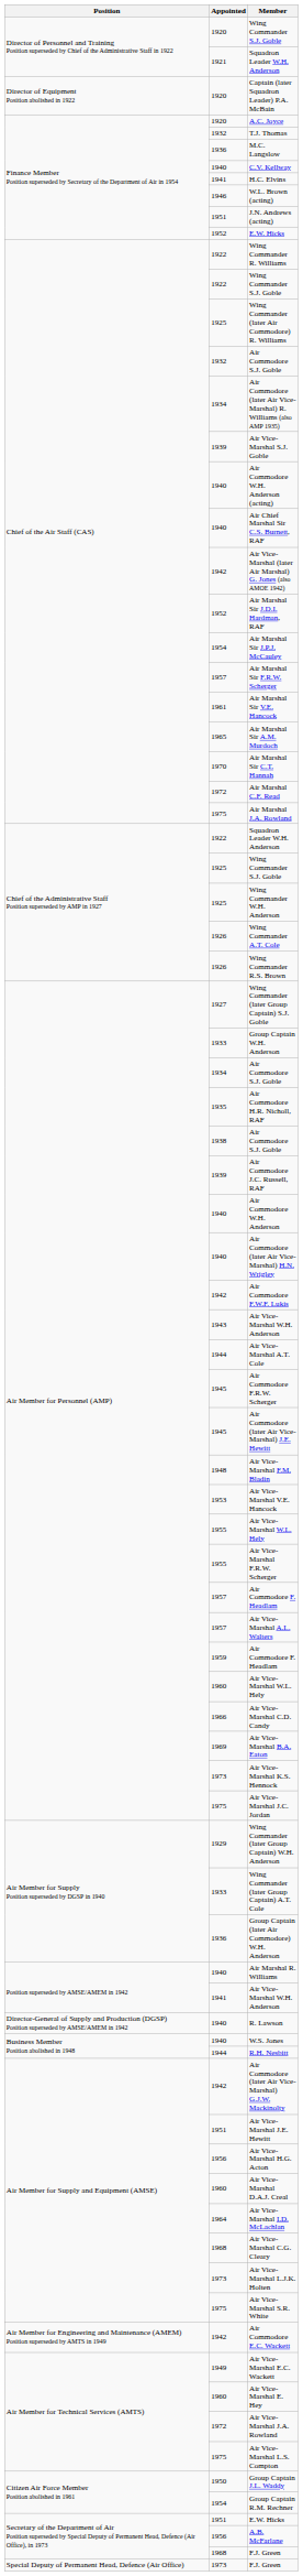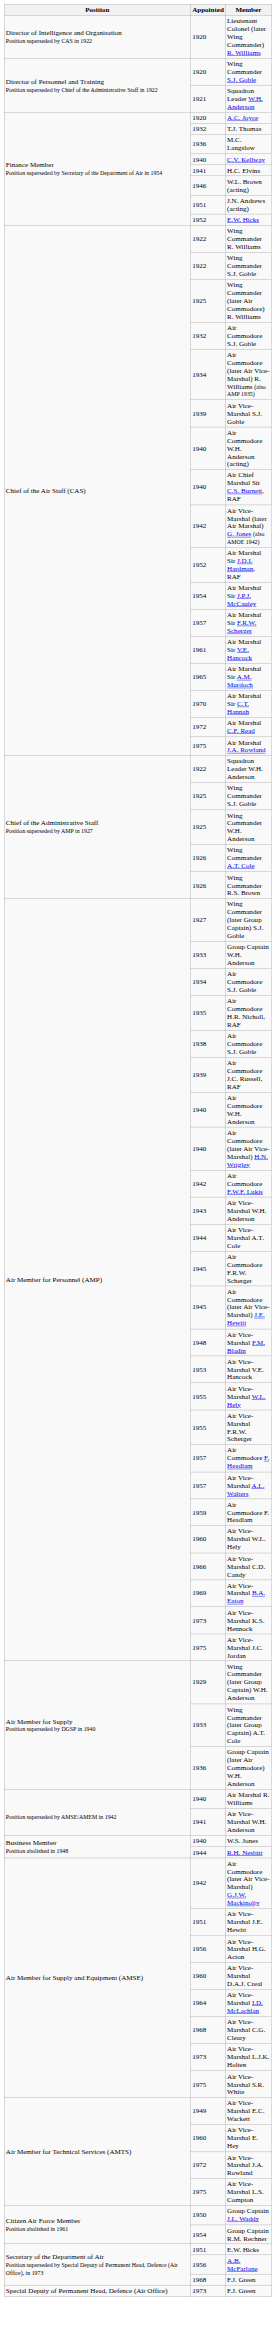 <table class="wikitable">
 <tr>
 <th style="width:26em;">Position</th>
 <th>Appointed</th>
 <th>Member</th>
+</tr>
+<tr>
+<td rowspan="1">Director of Intelligence and Organisation<br><small>Position superseded by CAS in 1922</small></td>
+<td>1920</td>
+<td>Lieutenant Colonel (later Wing Commander) <a href='#'>R. Williams</a></td>
 </tr>
 <tr>
 <td rowspan="2">Director of Personnel and Training<br><small>Position superseded by Chief of the Administrative Staff in 1922</small></td>
 <td>1920</td>
 <td>Wing Commander <a href='#'>S.J. Goble</a></td>
 </tr>
 <tr>
 <td>1921</td>
 <td>Squadron Leader <a href='#'>W.H. Anderson</a></td>
-</tr>
-<tr>
-<td rowspan="1">Director of Equipment<br><small>Position abolished in 1922</small></td>
-<td>1920</td>
-<td>Captain (later Squadron Leader) P.A. McBain</td>
 </tr>
 <tr>
 <td rowspan="8">Finance Member<br><small>Position superseded by Secretary of the Department of Air in 1954</small></td>
 <td>1920</td>
 <td><a href='#'>A.C. Joyce</a></td>
 </tr>
 <tr>
 <td>1932</td>
 <td>T.J. Thomas</td>
 </tr>
 <tr>
 <td>1936</td>
 <td>M.C. Langslow</td>
 </tr>
 <tr>
 <td>1940</td>
 <td><a href='#'>C.V. Kellway</a></td>
 </tr>
 <tr>
 <td>1941</td>
 <td>H.C. Elvins</td>
 </tr>
 <tr>
 <td>1946</td>
 <td>W.L. Brown (acting)</td>
 </tr>
 <tr>
 <td>1951</td>
 <td>J.N. Andrews (acting)</td>
 </tr>
 <tr>
 <td>1952</td>
 <td><a href='#'>E.W. Hicks</a></td>
 </tr>
 <tr>
 <td rowspan="17">Chief of the Air Staff (CAS)</td>
 <td>1922</td>
 <td>Wing Commander R. Williams</td>
 </tr>
 <tr>
 <td>1922</td>
 <td>Wing Commander S.J. Goble</td>
 </tr>
 <tr>
 <td>1925</td>
 <td>Wing Commander (later Air Commodore) R. Williams</td>
 </tr>
 <tr>
 <td>1932</td>
 <td>Air Commodore S.J. Goble</td>
 </tr>
 <tr>
 <td>1934</td>
 <td>Air Commodore (later Air Vice-Marshal) R. Williams <small>(also AMP 1935)</small></td>
 </tr>
 <tr>
 <td>1939</td>
 <td>Air Vice-Marshal S.J. Goble</td>
 </tr>
 <tr>
 <td>1940</td>
 <td>Air Commodore W.H. Anderson (acting)</td>
 </tr>
 <tr>
 <td>1940</td>
 <td>Air Chief Marshal Sir <a href='#'>C.S. Burnett</a>, RAF</td>
 </tr>
 <tr>
 <td>1942</td>
 <td>Air Vice-Marshal (later Air Marshal) <a href='#'>G. Jones</a> <small>(also AMOE 1942)</small></td>
 </tr>
 <tr>
 <td>1952</td>
 <td>Air Marshal Sir <a href='#'>J.D.I. Hardman</a>, RAF</td>
 </tr>
 <tr>
 <td>1954</td>
 <td>Air Marshal Sir <a href='#'>J.P.J. McCauley</a></td>
 </tr>
 <tr>
 <td>1957</td>
 <td>Air Marshal Sir <a href='#'>F.R.W. Scherger</a></td>
 </tr>
 <tr>
 <td>1961</td>
 <td>Air Marshal Sir <a href='#'>V.E. Hancock</a></td>
 </tr>
 <tr>
 <td>1965</td>
 <td>Air Marshal Sir <a href='#'>A.M. Murdoch</a></td>
 </tr>
 <tr>
 <td>1970</td>
 <td>Air Marshal Sir <a href='#'>C.T. Hannah</a></td>
 </tr>
 <tr>
 <td>1972</td>
 <td>Air Marshal <a href='#'>C.F. Read</a></td>
 </tr>
 <tr>
 <td>1975</td>
 <td>Air Marshal <a href='#'>J.A. Rowland</a></td>
 </tr>
 <tr>
 <td rowspan="5">Chief of the Administrative Staff<br><small>Position superseded by AMP in 1927</small></td>
 <td>1922</td>
 <td>Squadron Leader W.H. Anderson</td>
 </tr>
 <tr>
 <td>1925</td>
 <td>Wing Commander S.J. Goble</td>
 </tr>
 <tr>
 <td>1925</td>
 <td>Wing Commander W.H. Anderson</td>
 </tr>
 <tr>
 <td>1926</td>
 <td>Wing Commander <a href='#'>A.T. Cole</a></td>
 </tr>
 <tr>
 <td>1926</td>
 <td>Wing Commander R.S. Brown</td>
 </tr>
 <tr>
 <td rowspan="25">Air Member for Personnel (AMP)</td>
 <td>1927</td>
 <td>Wing Commander (later Group Captain) S.J. Goble</td>
 </tr>
 <tr>
 <td>1933</td>
 <td>Group Captain W.H. Anderson</td>
 </tr>
 <tr>
 <td>1934</td>
 <td>Air Commodore S.J. Goble</td>
 </tr>
 <tr>
 <td>1935</td>
 <td>Air Commodore H.R. Nicholl, RAF</td>
 </tr>
 <tr>
 <td>1938</td>
 <td>Air Commodore S.J. Goble</td>
 </tr>
 <tr>
 <td>1939</td>
 <td>Air Commodore J.C. Russell, RAF</td>
 </tr>
 <tr>
 <td>1940</td>
 <td>Air Commodore W.H. Anderson</td>
 </tr>
 <tr>
 <td>1940</td>
 <td>Air Commodore (later Air Vice-Marshal) <a href='#'>H.N. Wrigley</a></td>
 </tr>
 <tr>
 <td>1942</td>
 <td>Air Commodore <a href='#'>F.W.F. Lukis</a></td>
 </tr>
 <tr>
 <td>1943</td>
 <td>Air Vice-Marshal W.H. Anderson</td>
 </tr>
 <tr>
 <td>1944</td>
 <td>Air Vice-Marshal A.T. Cole</td>
 </tr>
 <tr>
 <td>1945</td>
 <td>Air Commodore F.R.W. Scherger</td>
 </tr>
 <tr>
 <td>1945</td>
 <td>Air Commodore (later Air Vice-Marshal) <a href='#'>J.E. Hewitt</a></td>
 </tr>
 <tr>
 <td>1948</td>
 <td>Air Vice-Marshal <a href='#'>F.M. Bladin</a></td>
 </tr>
 <tr>
 <td>1953</td>
 <td>Air Vice-Marshal V.E. Hancock</td>
 </tr>
 <tr>
 <td>1955</td>
 <td>Air Vice-Marshal <a href='#'>W.L. Hely</a></td>
 </tr>
 <tr>
 <td>1955</td>
 <td>Air Vice-Marshal F.R.W. Scherger</td>
 </tr>
 <tr>
 <td>1957</td>
 <td>Air Commodore <a href='#'>F. Headlam</a></td>
 </tr>
 <tr>
 <td>1957</td>
 <td>Air Vice-Marshal <a href='#'>A.L. Walters</a></td>
 </tr>
 <tr>
 <td>1959</td>
 <td>Air Commodore F. Headlam</td>
 </tr>
 <tr>
 <td>1960</td>
 <td>Air Vice-Marshal W.L. Hely</td>
 </tr>
 <tr>
 <td>1966</td>
 <td>Air Vice-Marshal C.D. Candy</td>
 </tr>
 <tr>
 <td>1969</td>
 <td>Air Vice-Marshal <a href='#'>B.A. Eaton</a></td>
 </tr>
 <tr>
 <td>1973</td>
 <td>Air Vice-Marshal K.S. Hennock</td>
 </tr>
 <tr>
 <td>1975</td>
 <td>Air Vice-Marshal J.C. Jordan</td>
 </tr>
 <tr>
 <td rowspan="3">Air Member for Supply<br><small>Position superseded by DGSP in 1940</small></td>
 <td>1929</td>
 <td>Wing Commander (later Group Captain) W.H. Anderson</td>
 </tr>
 <tr>
 <td>1933</td>
 <td>Wing Commander (later Group Captain) A.T. Cole</td>
 </tr>
 <tr>
 <td>1936</td>
 <td>Group Captain (later Air Commodore) W.H. Anderson</td>
 </tr>
 <tr>
 <td rowspan="2"><br><small>Position superseded by AMSE/AMEM in 1942</small></td>
 <td>1940</td>
 <td>Air Marshal R. Williams</td>
 </tr>
 <tr>
 <td>1941</td>
 <td>Air Vice-Marshal W.H. Anderson</td>
 </tr>
 <tr>
-<td rowspan="1">Director-General of Supply and Production (DGSP)<br><small>Position superseded by AMSE/AMEM in 1942</small></td>
-<td>1940</td>
-<td>R. Lawson</td>
-</tr>
-<tr>
 <td rowspan="2">Business Member<br><small>Position abolished in 1948</small></td>
 <td>1940</td>
 <td>W.S. Jones</td>
 </tr>
 <tr>
 <td>1944</td>
 <td><a href='#'>R.H. Nesbitt</a></td>
 </tr>
 <tr>
 <td rowspan="8">Air Member for Supply and Equipment (AMSE)</td>
 <td>1942</td>
 <td>Air Commodore (later Air Vice-Marshal) <a href='#'>G.J.W. Mackinolty</a></td>
 </tr>
 <tr>
 <td>1951</td>
 <td>Air Vice-Marshal J.E. Hewitt</td>
 </tr>
 <tr>
 <td>1956</td>
 <td>Air Vice-Marshal H.G. Acton</td>
 </tr>
 <tr>
 <td>1960</td>
 <td>Air Vice-Marshal D.A.J. Creal</td>
 </tr>
 <tr>
 <td>1964</td>
 <td>Air Vice-Marshal <a href='#'>I.D. McLachlan</a></td>
 </tr>
 <tr>
 <td>1968</td>
 <td>Air Vice-Marshal C.G. Cleary</td>
 </tr>
 <tr>
 <td>1973</td>
 <td>Air Vice-Marshal L.J.K. Holten</td>
 </tr>
 <tr>
 <td>1975</td>
 <td>Air Vice-Marshal S.R. White</td>
-</tr>
-<tr>
-<td rowspan="1">Air Member for Engineering and Maintenance (AMEM)<br><small>Position superseded by AMTS in 1949</small></td>
-<td>1942</td>
-<td>Air Commodore <a href='#'>E.C. Wackett</a></td>
 </tr>
 <tr>
 <td rowspan="4">Air Member for Technical Services (AMTS)</td>
 <td>1949</td>
 <td>Air Vice-Marshal E.C. Wackett</td>
 </tr>
 <tr>
 <td>1960</td>
 <td>Air Vice-Marshal E. Hey</td>
 </tr>
 <tr>
 <td>1972</td>
 <td>Air Vice-Marshal J.A. Rowland</td>
 </tr>
 <tr>
 <td>1975</td>
 <td>Air Vice-Marshal L.S. Compton</td>
 </tr>
 <tr>
 <td rowspan="2">Citizen Air Force Member<br><small>Position abolished in 1961</small></td>
 <td>1950</td>
 <td>Group Captain <a href='#'>J.L. Waddy</a></td>
 </tr>
 <tr>
 <td>1954</td>
 <td>Group Captain R.M. Rechner</td>
 </tr>
 <tr>
 <td rowspan="3">Secretary of the Department of Air<br><small>Position superseded by Special Deputy of Permanent Head, Defence (Air Office), in 1973</small></td>
 <td>1951</td>
 <td>E.W. Hicks</td>
 </tr>
 <tr>
 <td>1956</td>
 <td><a href='#'>A.B. McFarlane</a></td>
 </tr>
 <tr>
 <td>1968</td>
 <td>F.J. Green</td>
 </tr>
 <tr>
 <td rowspan="1">Special Deputy of Permanent Head, Defence (Air Office)</td>
 <td>1973</td>
 <td>F.J. Green</td>
 </tr>
 </table>
